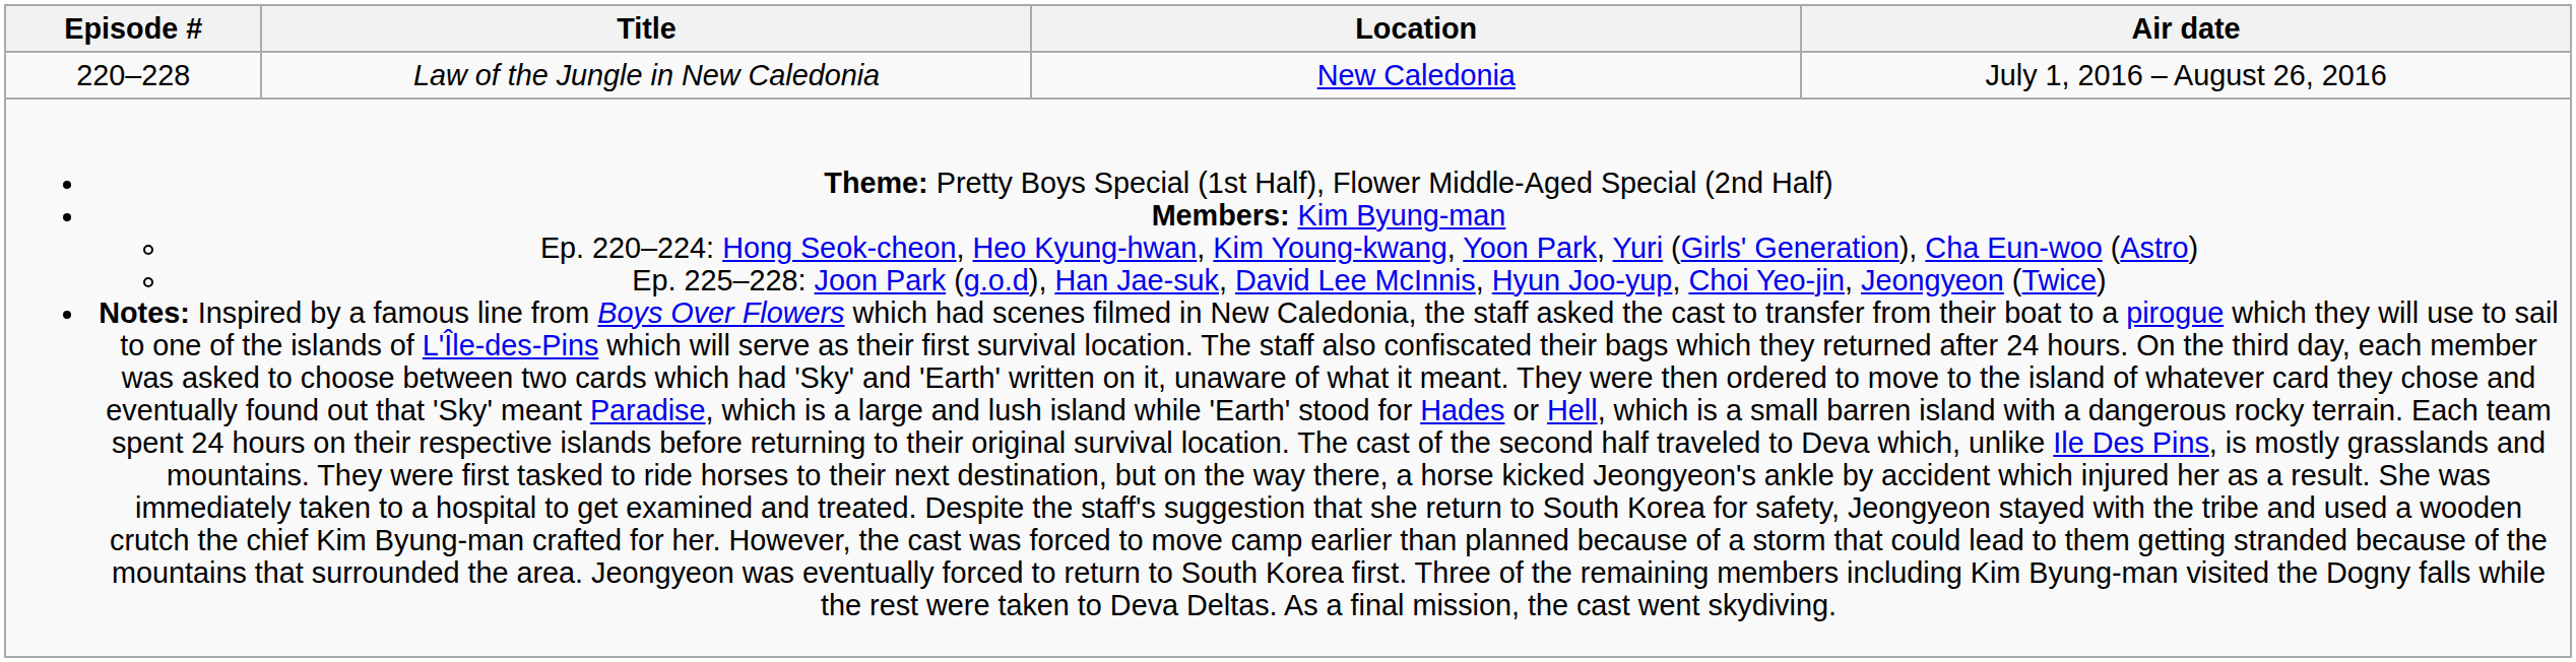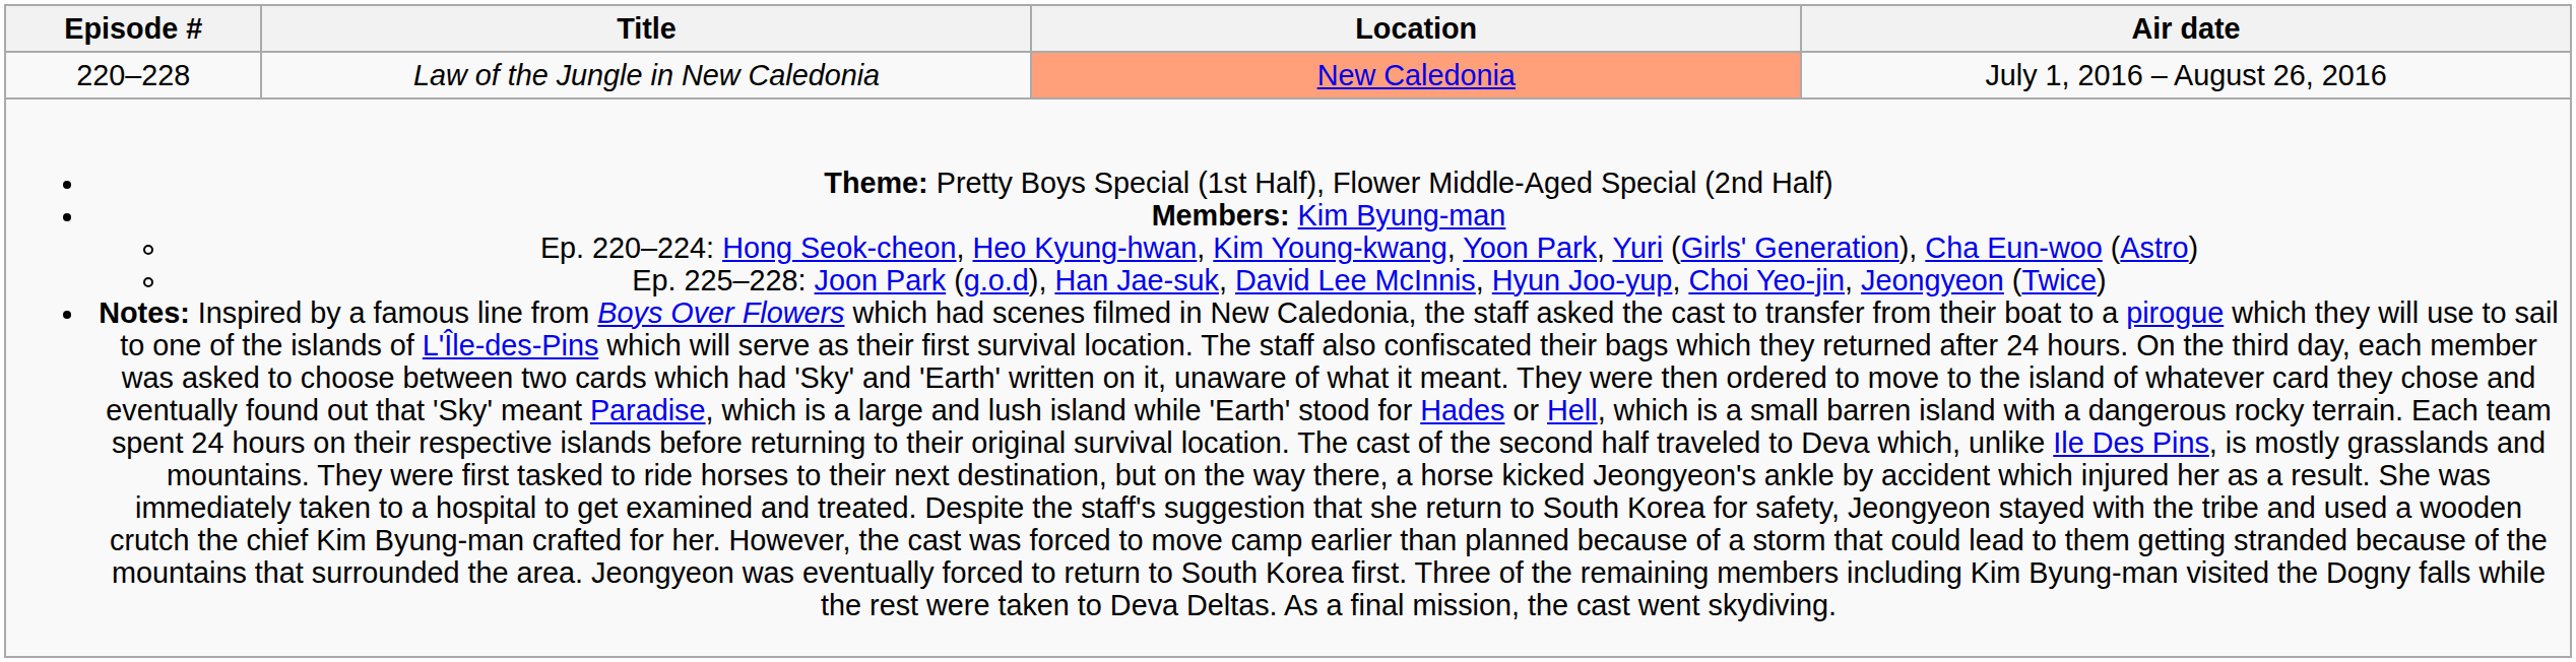 <table class="wikitable" style="text-align:center; font-size:90%; width:100%;">
 <tr>
 <th width="10%">Episode #</th>
 <th width="30%">Title</th>
 <th width="30%">Location</th>
 <th width="30%">Air date</th>
 </tr>
 <tr>
 <td>220–228</td>
 <td><em>Law of the Jungle in New Caledonia</em></td>
-<td><a href='#'>New Caledonia</a></td>
+<td style="background: lightsalmon;"><a href='#'>New Caledonia</a></td>
 <td>July 1, 2016 – August 26, 2016</td>
 </tr>
 <tr>
 <td colspan="4"><br><ul><li><strong>Theme:</strong>  Pretty Boys Special (1st Half), Flower Middle-Aged Special (2nd Half)</li><li><strong>Members:</strong> <a href='#'>Kim Byung-man</a><ul><li>Ep. 220–224: <a href='#'>Hong Seok-cheon</a>, <a href='#'>Heo Kyung-hwan</a>, <a href='#'>Kim Young-kwang</a>, <a href='#'>Yoon Park</a>, <a href='#'>Yuri</a> (<a href='#'>Girls' Generation</a>), <a href='#'>Cha Eun-woo</a> (<a href='#'>Astro</a>)</li><li>Ep. 225–228: <a href='#'>Joon Park</a> (<a href='#'>g.o.d</a>), <a href='#'>Han Jae-suk</a>, <a href='#'>David Lee McInnis</a>, <a href='#'>Hyun Joo-yup</a>, <a href='#'>Choi Yeo-jin</a>, <a href='#'>Jeongyeon</a> (<a href='#'>Twice</a>)</li></ul></li><li><strong>Notes:</strong> Inspired by a famous line from <em><a href='#'>Boys Over Flowers</a></em> which had scenes filmed in New Caledonia, the staff asked the cast to transfer from their boat to a <a href='#'>pirogue</a> which they will use to sail to one of the islands of <a href='#'>L'Île-des-Pins</a> which will serve as their first survival location. The staff also confiscated their bags which they returned after 24 hours. On the third day, each member was asked to choose between two cards which had 'Sky' and 'Earth' written on it, unaware of what it meant. They were then ordered to move to the island of whatever card they chose and eventually found out that 'Sky' meant <a href='#'>Paradise</a>, which is a large and lush island while 'Earth' stood for <a href='#'>Hades</a> or <a href='#'>Hell</a>, which is a small barren island with a dangerous rocky terrain. Each team spent 24 hours on their respective islands before returning to their original survival location. The cast of the second half traveled to Deva which, unlike <a href='#'>Ile Des Pins</a>, is mostly grasslands and mountains. They were first tasked to ride horses to their next destination, but on the way there, a horse kicked Jeongyeon's ankle by accident which injured her as a result. She was immediately taken to a hospital to get examined and treated. Despite the staff's suggestion that she return to South Korea for safety, Jeongyeon stayed with the tribe and used a wooden crutch the chief Kim Byung-man crafted for her. However, the cast was forced to move camp earlier than planned because of a storm that could lead to them getting stranded because of the mountains that surrounded the area. Jeongyeon was eventually forced to return to South Korea first. Three of the remaining members including Kim Byung-man visited the Dogny falls while the rest were taken to Deva Deltas. As a final mission, the cast went skydiving.</li></ul></td>
 </tr>
 </table>
